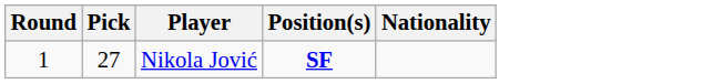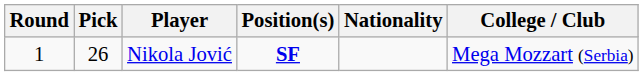 <table class="wikitable sortable sortable">
 <tr>
 <th>Round</th>
 <th>Pick</th>
 <th>Player</th>
 <th>Position(s)</th>
 <th>Nationality</th>
+<th>College / Club</th>
 </tr>
 <tr style="text-align: center">
 <td>1</td>
-<td>27</td>
+<td>26</td>
 <td><a href='#'>Nikola Jović</a></td>
 <td><strong><a href='#'>SF</a></strong></td>
 <td></td>
+<td><a href='#'>Mega Mozzart</a> <small>(<a href='#'>Serbia</a>)</small></td>
 </tr>
 </table>
